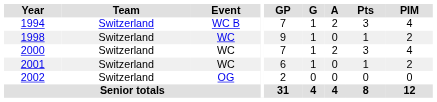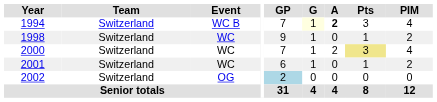 <table border="0" cellpadding="1" cellspacing="0" ID="Table3" style="text-align:center; width:40em">
 <tr ALIGN="center" bgcolor="#e0e0e0">
 <th>Year</th>
 <th>Team</th>
 <th>Event</th>
 <th rowspan="99" bgcolor="#ffffff"></th>
 <th>GP</th>
 <th>G</th>
 <th>A</th>
 <th>Pts</th>
 <th>PIM</th>
 </tr>
 <tr>
 <td><a href='#'>1994</a></td>
 <td><a href='#'>Switzerland</a></td>
 <td><a href='#'>WC B</a></td>
 <td>7</td>
-<td>1</td>
-<td>2</td>
+<td style="background: lightyellow;">1</td>
+<td><strong>2</strong></td>
 <td>3</td>
 <td>4</td>
 </tr>
 <tr bgcolor="#f0f0f0">
 <td><a href='#'>1998</a></td>
 <td>Switzerland</td>
 <td><a href='#'>WC</a></td>
 <td>9</td>
 <td>1</td>
 <td>0</td>
 <td>1</td>
 <td>2</td>
 </tr>
 <tr>
 <td><a href='#'>2000</a></td>
 <td>Switzerland</td>
 <td>WC</td>
 <td>7</td>
 <td>1</td>
 <td>2</td>
-<td>3</td>
+<td style="background: khaki;">3</td>
 <td>4</td>
 </tr>
 <tr bgcolor="#f0f0f0">
 <td><a href='#'>2001</a></td>
 <td>Switzerland</td>
 <td>WC</td>
 <td>6</td>
 <td>1</td>
 <td>0</td>
 <td>1</td>
 <td>2</td>
 </tr>
 <tr>
 <td><a href='#'>2002</a></td>
 <td>Switzerland</td>
 <td><a href='#'>OG</a></td>
-<td>2</td>
+<td style="background: lightblue;">2</td>
 <td>0</td>
 <td>0</td>
 <td>0</td>
 <td>0</td>
 </tr>
 <tr bgcolor="#e0e0e0">
 <th colspan="3">Senior totals</th>
 <th>31</th>
 <th>4</th>
 <th>4</th>
 <th>8</th>
 <th>12</th>
 </tr>
 </table>
